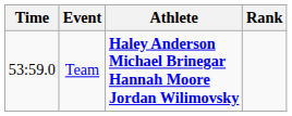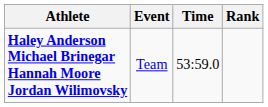 <table class="wikitable" style="font-size:90%;">
 <tr>
+<th>Athlete</th>
+<th>Event</th>
 <th>Time</th>
-<th>Event</th>
-<th>Athlete</th>
 <th>Rank</th>
 </tr>
 <tr align=center>
+<td align=left><strong><a href='#'>Haley Anderson</a><br><a href='#'>Michael Brinegar</a><br><a href='#'>Hannah Moore</a><br><a href='#'>Jordan Wilimovsky</a></strong></td>
+<td><a href='#'>Team</a></td>
 <td>53:59.0</td>
-<td><a href='#'>Team</a></td>
-<td align=left><strong><a href='#'>Haley Anderson</a><br><a href='#'>Michael Brinegar</a><br><a href='#'>Hannah Moore</a><br><a href='#'>Jordan Wilimovsky</a></strong></td>
 <td></td>
 </tr>
 </table>
